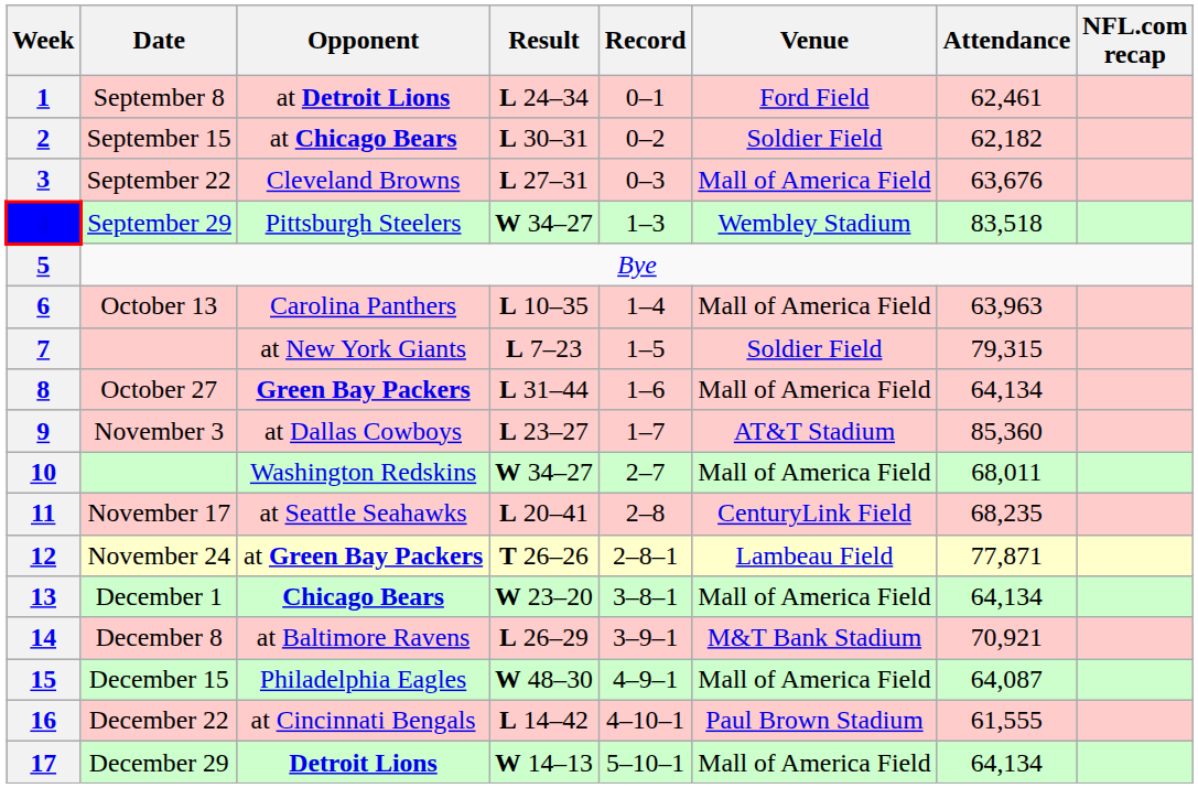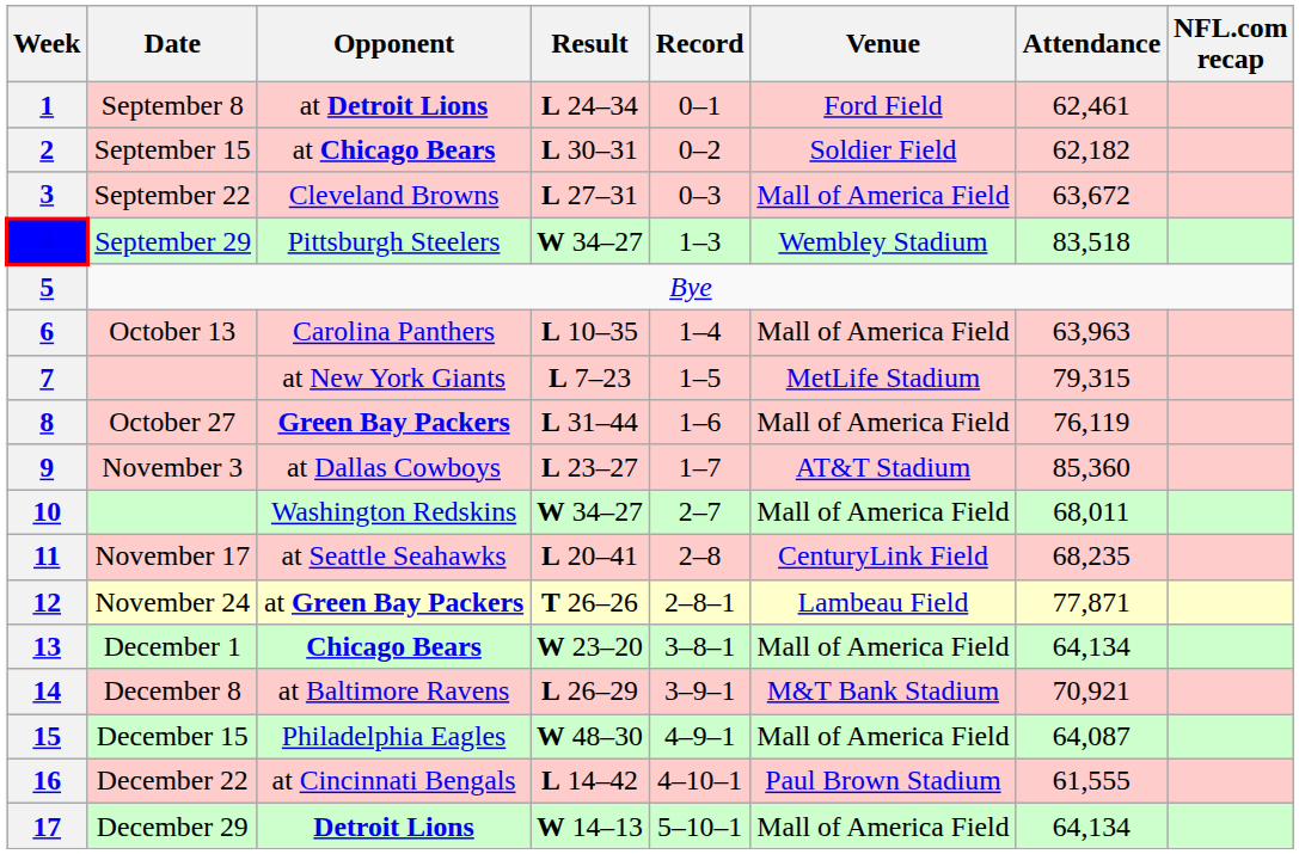 <table class="wikitable" style="text-align:center">
 <tr>
 <th>Week</th>
 <th>Date</th>
 <th>Opponent</th>
 <th>Result</th>
 <th>Record</th>
 <th>Venue</th>
 <th>Attendance</th>
 <th>NFL.com<br>recap</th>
 </tr>
 <tr style="background:#fcc">
 <th><a href='#'>1</a></th>
 <td>September 8</td>
 <td>at <strong><a href='#'>Detroit Lions</a></strong></td>
 <td><strong>L</strong> 24–34</td>
 <td>0–1</td>
 <td><a href='#'>Ford Field</a></td>
 <td>62,461</td>
 <td></td>
 </tr>
 <tr style="background:#fcc">
 <th><a href='#'>2</a></th>
 <td>September 15</td>
 <td>at <strong><a href='#'>Chicago Bears</a></strong></td>
 <td><strong>L</strong> 30–31</td>
 <td>0–2</td>
 <td><a href='#'>Soldier Field</a></td>
 <td>62,182</td>
 <td></td>
 </tr>
 <tr style="background:#fcc">
 <th><a href='#'>3</a></th>
 <td>September 22</td>
 <td><a href='#'>Cleveland Browns</a></td>
 <td><strong>L</strong> 27–31</td>
 <td>0–3</td>
 <td><a href='#'>Mall of America Field</a></td>
-<td>63,676</td>
+<td>63,672</td>
 <td></td>
 </tr>
 <tr style="background:#cfc">
 <th style="background:blue;color:white;border:2px solid red"><a href='#'><span>4</span></a></th>
 <td><a href='#'>September 29</a></td>
 <td><a href='#'>Pittsburgh Steelers</a></td>
 <td><strong>W</strong> 34–27</td>
 <td>1–3</td>
 <td><a href='#'>Wembley Stadium</a> </td>
 <td>83,518</td>
 <td></td>
 </tr>
 <tr>
 <th><a href='#'>5</a></th>
 <td colspan="7"><em><a href='#'>Bye</a></em></td>
 </tr>
 <tr style="background:#fcc">
 <th><a href='#'>6</a></th>
 <td>October 13</td>
 <td><a href='#'>Carolina Panthers</a></td>
 <td><strong>L</strong> 10–35</td>
 <td>1–4</td>
 <td>Mall of America Field</td>
 <td>63,963</td>
 <td></td>
 </tr>
 <tr style="background:#fcc">
 <th><a href='#'>7</a></th>
 <td></td>
 <td>at <a href='#'>New York Giants</a></td>
 <td><strong>L</strong> 7–23</td>
 <td>1–5</td>
-<td><a href='#'>Soldier Field</a></td>
+<td><a href='#'>MetLife Stadium</a></td>
 <td>79,315</td>
 <td></td>
 </tr>
 <tr style="background:#fcc">
 <th><a href='#'>8</a></th>
 <td>October 27</td>
 <td><strong><a href='#'>Green Bay Packers</a></strong></td>
 <td><strong>L</strong> 31–44</td>
 <td>1–6</td>
 <td>Mall of America Field</td>
-<td>64,134</td>
+<td>76,119</td>
 <td></td>
 </tr>
 <tr style="background:#fcc">
 <th><a href='#'>9</a></th>
 <td>November 3</td>
 <td>at <a href='#'>Dallas Cowboys</a></td>
 <td><strong>L</strong> 23–27</td>
 <td>1–7</td>
 <td><a href='#'>AT&T Stadium</a></td>
 <td>85,360</td>
 <td></td>
 </tr>
 <tr style="background:#cfc">
 <th><a href='#'>10</a></th>
 <td></td>
 <td><a href='#'>Washington Redskins</a></td>
 <td><strong>W</strong> 34–27</td>
 <td>2–7</td>
 <td>Mall of America Field</td>
 <td>68,011</td>
 <td></td>
 </tr>
 <tr style="background:#fcc">
 <th><a href='#'>11</a></th>
 <td>November 17</td>
 <td>at <a href='#'>Seattle Seahawks</a></td>
 <td><strong>L</strong> 20–41</td>
 <td>2–8</td>
 <td><a href='#'>CenturyLink Field</a></td>
 <td>68,235</td>
 <td></td>
 </tr>
 <tr style="background:#ffc">
 <th><a href='#'>12</a></th>
 <td>November 24</td>
 <td>at <strong><a href='#'>Green Bay Packers</a></strong></td>
 <td><strong>T</strong> 26–26 </td>
 <td>2–8–1</td>
 <td><a href='#'>Lambeau Field</a></td>
 <td>77,871</td>
 <td></td>
 </tr>
 <tr style="background:#cfc">
 <th><a href='#'>13</a></th>
 <td>December 1</td>
 <td><strong><a href='#'>Chicago Bears</a></strong></td>
 <td><strong>W</strong> 23–20 </td>
 <td>3–8–1</td>
 <td>Mall of America Field</td>
 <td>64,134</td>
 <td></td>
 </tr>
 <tr style="background:#fcc">
 <th><a href='#'>14</a></th>
 <td>December 8</td>
 <td>at <a href='#'>Baltimore Ravens</a></td>
 <td><strong>L</strong> 26–29</td>
 <td>3–9–1</td>
 <td><a href='#'>M&T Bank Stadium</a></td>
 <td>70,921</td>
 <td></td>
 </tr>
 <tr style="background:#cfc">
 <th><a href='#'>15</a></th>
 <td>December 15</td>
 <td><a href='#'>Philadelphia Eagles</a></td>
 <td><strong>W</strong> 48–30</td>
 <td>4–9–1</td>
 <td>Mall of America Field</td>
 <td>64,087</td>
 <td></td>
 </tr>
 <tr style="background:#fcc">
 <th><a href='#'>16</a></th>
 <td>December 22</td>
 <td>at <a href='#'>Cincinnati Bengals</a></td>
 <td><strong>L</strong> 14–42</td>
 <td>4–10–1</td>
 <td><a href='#'>Paul Brown Stadium</a></td>
 <td>61,555</td>
 <td></td>
 </tr>
 <tr style="background:#cfc">
 <th><a href='#'>17</a></th>
 <td>December 29</td>
 <td><strong><a href='#'>Detroit Lions</a></strong></td>
 <td><strong>W</strong> 14–13</td>
 <td>5–10–1</td>
 <td>Mall of America Field</td>
 <td>64,134</td>
 <td></td>
 </tr>
 </table>
